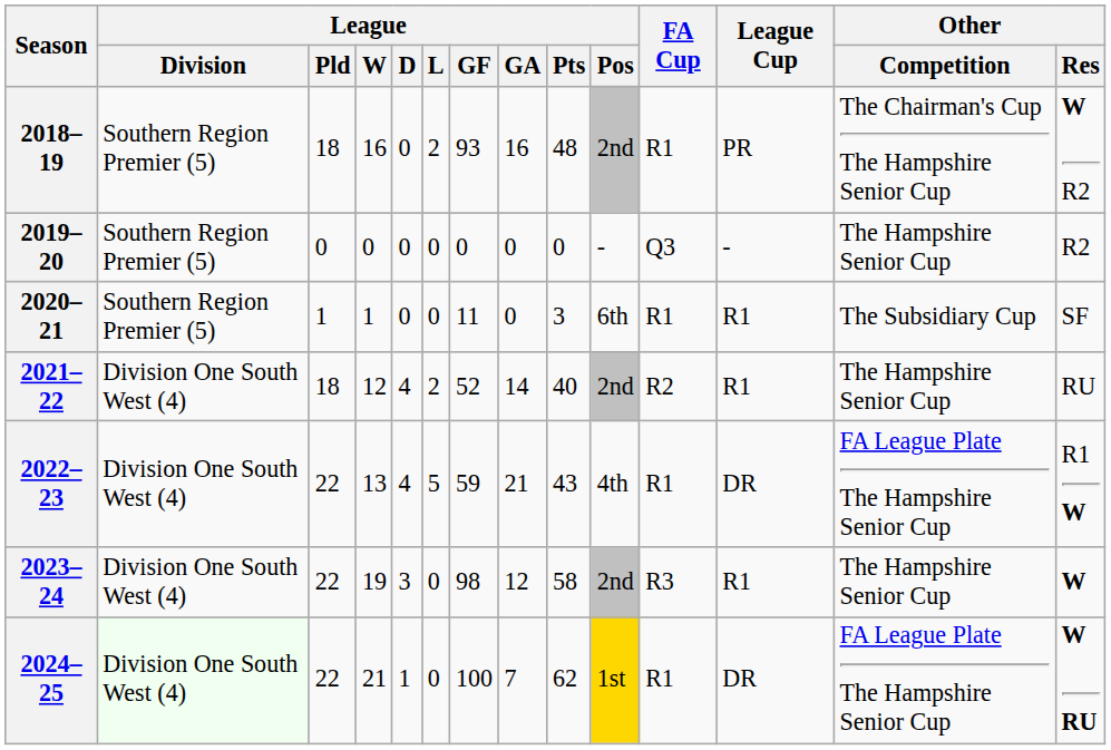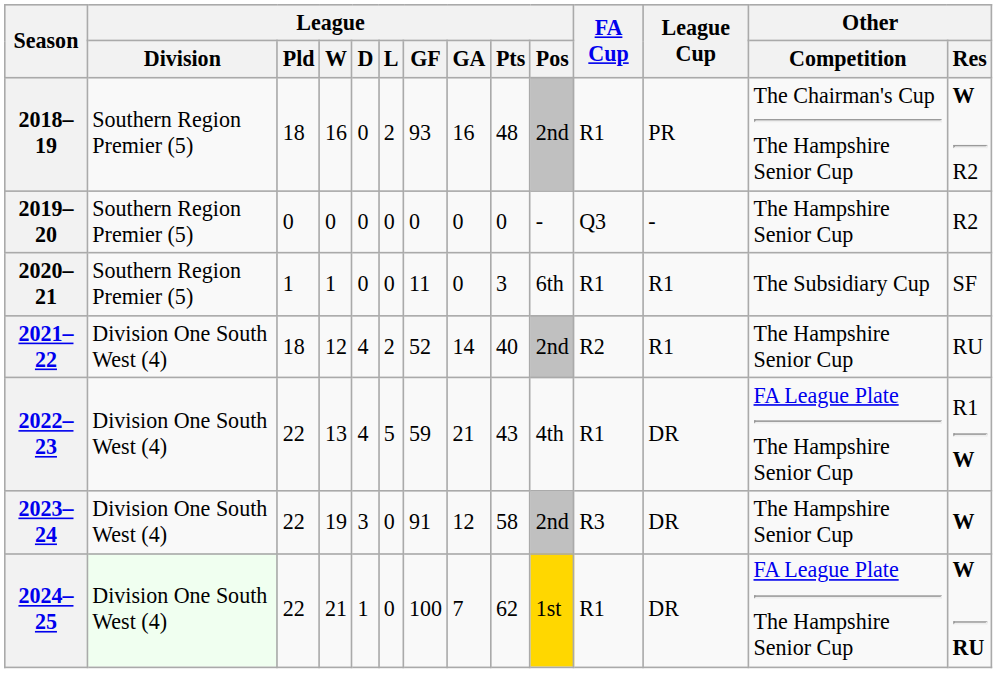 <table class="wikitable" style="font-size:85%; style="text-align:center">
 <tr>
 <th rowspan=2>Season</th>
 <th colspan=9>League</th>
 <th rowspan=2><a href='#'>FA Cup</a></th>
 <th rowspan=2>League Cup</th>
 <th colspan=2 scope=col>Other</th>
 </tr>
 <tr>
 <th>Division</th>
 <th>Pld</th>
 <th>W</th>
 <th>D</th>
 <th>L</th>
 <th>GF</th>
 <th>GA</th>
 <th>Pts</th>
 <th>Pos</th>
 <th>Competition</th>
 <th>Res</th>
 </tr>
 <tr>
 <th>2018–19</th>
 <td>Southern Region Premier (5)</td>
 <td>18</td>
 <td>16</td>
 <td>0</td>
 <td>2</td>
 <td>93</td>
 <td>16</td>
 <td>48</td>
 <td bgcolor=silver>2nd</td>
 <td>R1</td>
 <td>PR</td>
 <td>The Chairman's Cup<br><hr> The Hampshire Senior Cup</td>
 <td><div><strong>W</strong></div><br><hr> R2</td>
 </tr>
 <tr>
 <th>2019–20</th>
 <td>Southern Region Premier (5)</td>
 <td>0</td>
 <td>0</td>
 <td>0</td>
 <td>0</td>
 <td>0</td>
 <td>0</td>
 <td>0</td>
 <td>-</td>
 <td>Q3</td>
 <td>-</td>
 <td>The Hampshire Senior Cup</td>
 <td>R2</td>
 </tr>
 <tr>
 <th>2020–21</th>
 <td>Southern Region Premier (5)</td>
 <td>1</td>
 <td>1</td>
 <td>0</td>
 <td>0</td>
 <td>11</td>
 <td>0</td>
 <td>3</td>
 <td>6th</td>
 <td>R1</td>
 <td>R1</td>
 <td>The Subsidiary Cup</td>
 <td>SF</td>
 </tr>
 <tr>
 <th><a href='#'>2021–22</a></th>
 <td>Division One South West (4)</td>
 <td>18</td>
 <td>12</td>
 <td>4</td>
 <td>2</td>
 <td>52</td>
 <td>14</td>
 <td>40</td>
 <td bgcolor=silver>2nd</td>
 <td>R2</td>
 <td>R1</td>
 <td>The Hampshire Senior Cup</td>
 <td><div>RU</div></td>
 </tr>
 <tr>
 <th><a href='#'>2022–23</a></th>
 <td>Division One South West (4)</td>
 <td>22</td>
 <td>13</td>
 <td>4</td>
 <td>5</td>
 <td>59</td>
 <td>21</td>
 <td>43</td>
 <td>4th</td>
 <td>R1</td>
 <td>DR</td>
 <td><a href='#'>FA League Plate</a><br><hr> The Hampshire Senior Cup</td>
 <td>R1<br><hr> <div><strong>W</strong></div></td>
 </tr>
 <tr>
 <th><a href='#'>2023–24</a></th>
 <td>Division One South West (4)</td>
 <td>22</td>
 <td>19</td>
 <td>3</td>
 <td>0</td>
-<td>98</td>
+<td>91</td>
 <td>12</td>
 <td>58</td>
 <td bgcolor=silver>2nd</td>
 <td>R3</td>
-<td>R1</td>
+<td>DR</td>
 <td>The Hampshire Senior Cup</td>
 <td><div><strong>W</strong></div></td>
 </tr>
 <tr>
 <th><a href='#'>2024–25</a></th>
 <td bgcolor="#F0FFF0">Division One South West (4)</td>
 <td>22</td>
 <td>21</td>
 <td>1</td>
 <td>0</td>
 <td>100</td>
 <td>7</td>
 <td>62</td>
 <td bgcolor=gold>1st</td>
 <td>R1</td>
 <td>DR</td>
 <td><a href='#'>FA League Plate</a><br><hr> The Hampshire Senior Cup</td>
 <td><div><strong>W</strong></div><br><hr> <div><strong>RU</strong></div></td>
 </tr>
 </table>
